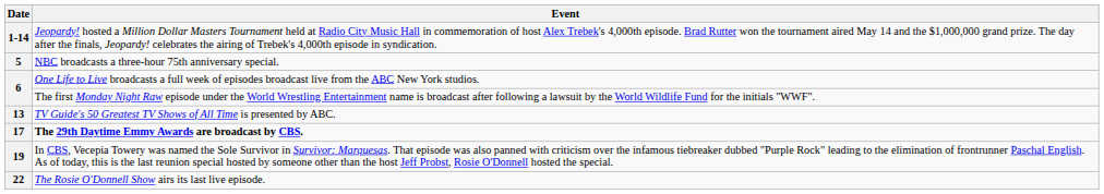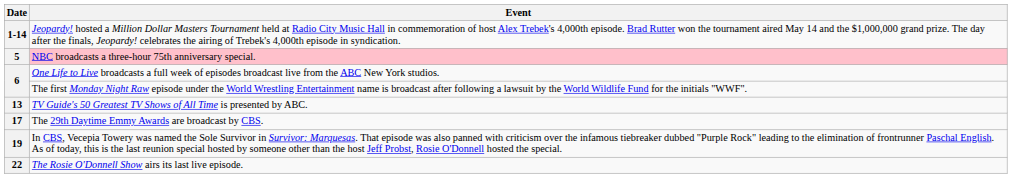 <table class="wikitable">
 <tr>
 <th>Date</th>
 <th>Event</th>
 </tr>
 <tr>
 <th>1-14</th>
 <td><em><a href='#'>Jeopardy!</a></em> hosted a <em>Million Dollar Masters Tournament</em> held at <a href='#'>Radio City Music Hall</a> in commemoration of host <a href='#'>Alex Trebek</a>'s 4,000th episode. <a href='#'>Brad Rutter</a> won the tournament aired May 14 and the $1,000,000 grand prize. The day after the finals, <em>Jeopardy!</em> celebrates the airing of Trebek's 4,000th episode in syndication.</td>
 </tr>
 <tr>
 <th>5</th>
-<td><a href='#'>NBC</a> broadcasts a three-hour 75th anniversary special.</td>
+<td style="background: pink;"><a href='#'>NBC</a> broadcasts a three-hour 75th anniversary special.</td>
 </tr>
 <tr>
 <th rowspan="2">6</th>
 <td><em><a href='#'>One Life to Live</a></em> broadcasts a full week of episodes broadcast live from the <a href='#'>ABC</a> New York studios.</td>
 </tr>
 <tr>
 <td>The first <em><a href='#'>Monday Night Raw</a></em> episode under the <a href='#'>World Wrestling Entertainment</a> name is broadcast after following a lawsuit by the <a href='#'>World Wildlife Fund</a> for the initials "WWF".</td>
 </tr>
 <tr>
 <th>13</th>
 <td><em><a href='#'>TV Guide's 50 Greatest TV Shows of All Time</a></em> is presented by ABC.</td>
 </tr>
 <tr>
 <th>17</th>
-<td><strong>The <a href='#'>29th Daytime Emmy Awards</a> are broadcast by <a href='#'>CBS</a>.</strong></td>
+<td>The <a href='#'>29th Daytime Emmy Awards</a> are broadcast by <a href='#'>CBS</a>.</td>
 </tr>
 <tr>
 <th>19</th>
 <td>In <a href='#'>CBS</a>, Vecepia Towery was named the Sole Survivor in <em><a href='#'>Survivor: Marquesas</a></em>. That episode was also panned with criticism over the infamous tiebreaker dubbed "Purple Rock" leading to the elimination of frontrunner <a href='#'>Paschal English</a>. As of today, this is the last reunion special hosted by someone other than the host <a href='#'>Jeff Probst</a>, <a href='#'>Rosie O'Donnell</a> hosted the special.</td>
 </tr>
 <tr>
 <th>22</th>
 <td><em><a href='#'>The Rosie O'Donnell Show</a></em> airs its last live episode.</td>
 </tr>
 </table>
